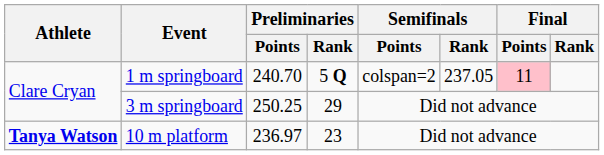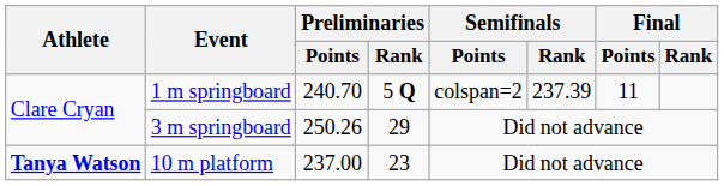 <table class=wikitable style="font-size:90%;">
 <tr>
 <th rowspan="2">Athlete</th>
 <th rowspan="2">Event</th>
 <th colspan="2">Preliminaries</th>
 <th colspan="2">Semifinals</th>
 <th colspan="2">Final</th>
 </tr>
 <tr style="font-size:95%">
 <th>Points</th>
 <th>Rank</th>
 <th>Points</th>
 <th>Rank</th>
 <th>Points</th>
 <th>Rank</th>
 </tr>
 <tr align=center>
 <td align=left rowspan=2><a href='#'>Clare Cryan</a></td>
 <td align=left><a href='#'>1 m springboard</a></td>
 <td>240.70</td>
 <td>5 <strong>Q</strong></td>
 <td>colspan=2 </td>
-<td>237.05</td>
-<td style="background: pink;">11</td>
+<td>237.39</td>
+<td>11</td>
 </tr>
 <tr align=center>
 <td align=left><a href='#'>3 m springboard</a></td>
-<td>250.25</td>
+<td>250.26</td>
 <td>29</td>
 <td colspan=4>Did not advance</td>
 </tr>
 <tr align=center>
 <td align=left><strong><a href='#'>Tanya Watson</a></strong></td>
 <td align=left><a href='#'>10 m platform</a></td>
-<td>236.97</td>
+<td>237.00</td>
 <td>23</td>
 <td colspan=4>Did not advance</td>
 </tr>
 </table>
